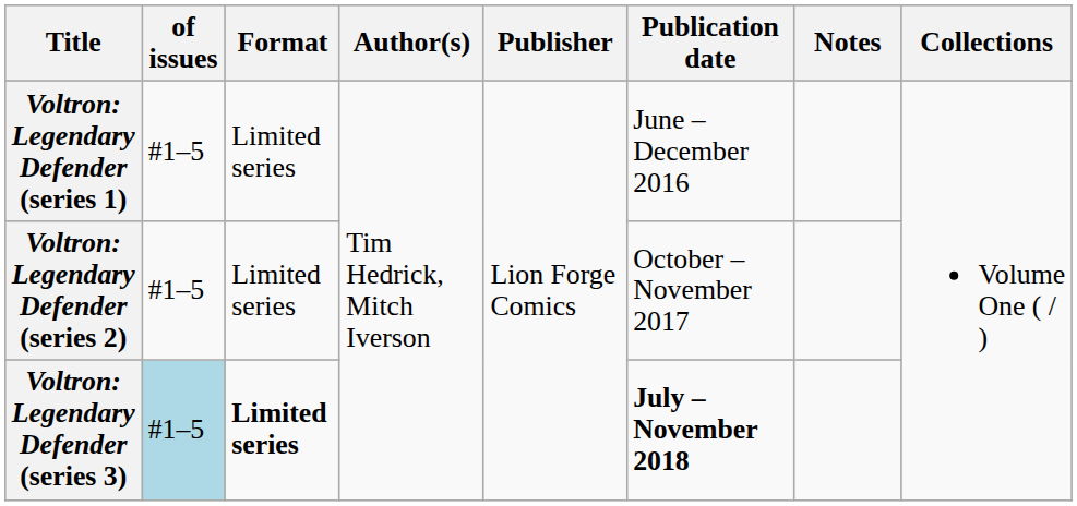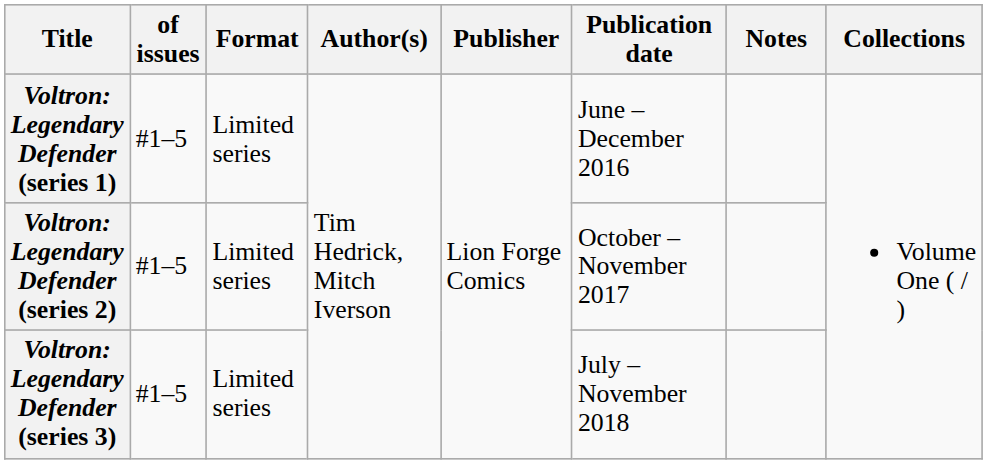 <table class="wikitable">
 <tr>
 <th>Title</th>
 <th style="width:40pt"> of issues</th>
 <th style="width:75pt">Format</th>
 <th style="width:125pt">Author(s)</th>
 <th style="width:125pt">Publisher</th>
 <th style="width:150pt">Publication date</th>
 <th style="width:175pt">Notes</th>
 <th>Collections</th>
 </tr>
 <tr>
 <th><em>Voltron: Legendary Defender</em> (series 1)</th>
 <td>#1–5</td>
 <td>Limited series</td>
 <td rowspan="3">Tim Hedrick, Mitch Iverson</td>
 <td rowspan="3">Lion Forge Comics</td>
 <td>June – December 2016</td>
 <td></td>
 <td rowspan="3"><br><ul><li>Volume One ( / )</li></ul></td>
 </tr>
 <tr>
 <th><em>Voltron: Legendary Defender</em> (series 2)</th>
 <td>#1–5</td>
 <td>Limited series</td>
 <td>October – November 2017</td>
 <td></td>
 </tr>
 <tr>
 <th><em>Voltron: Legendary Defender</em> (series 3)</th>
-<td style="background: lightblue;">#1–5</td>
-<td><strong>Limited series</strong></td>
-<td><strong>July – November 2018</strong></td>
+<td>#1–5</td>
+<td>Limited series</td>
+<td>July – November 2018</td>
 </tr>
 </table>
